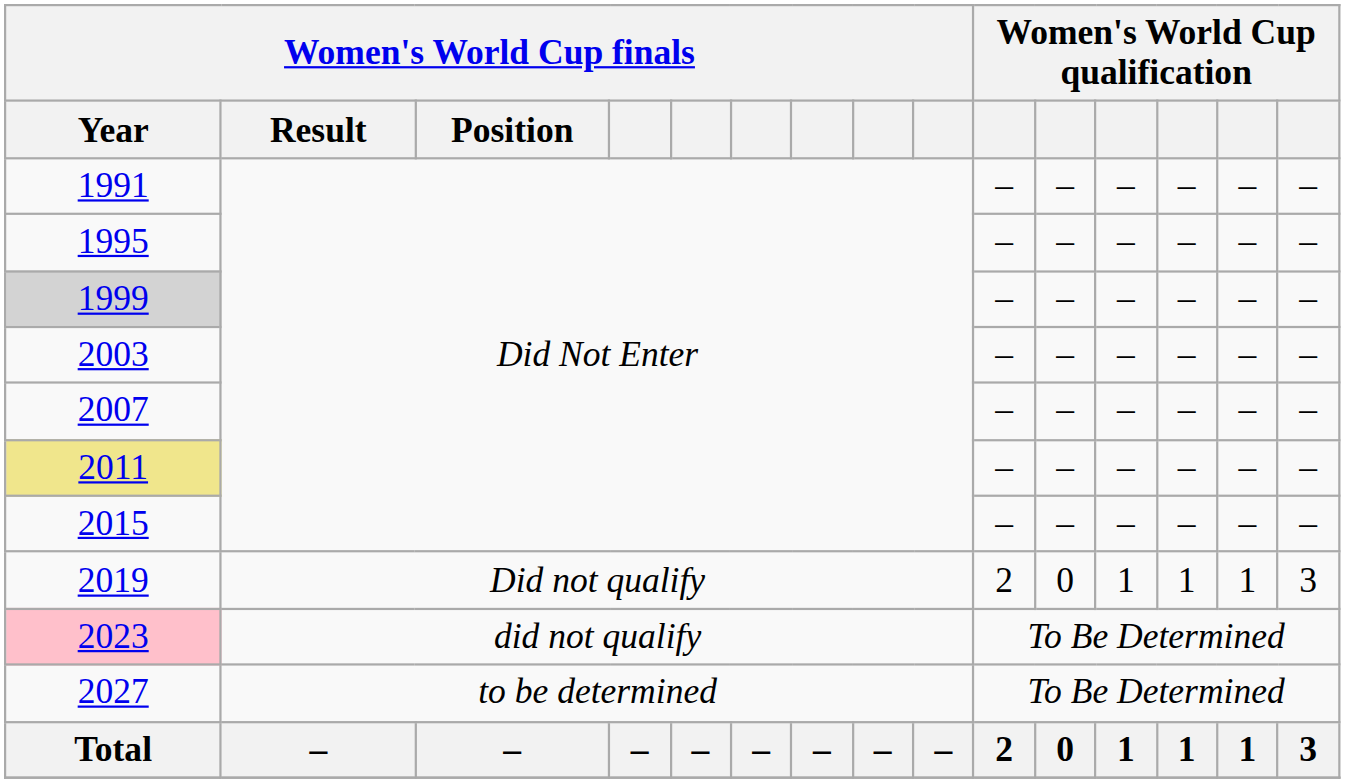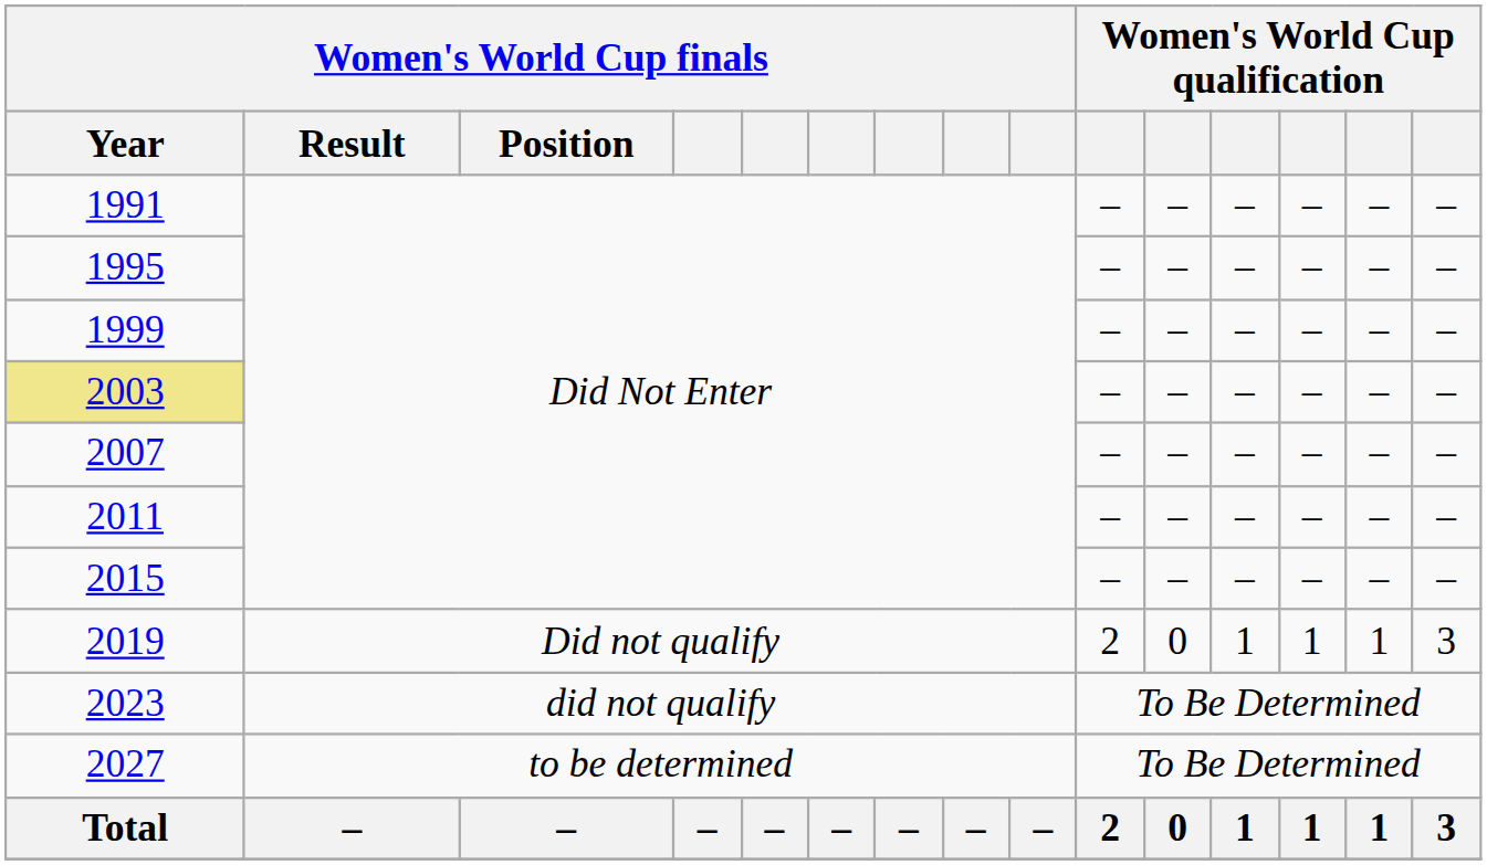 <table class="wikitable" style="text-align:center;">
 <tr>
 <th colspan="9"><a href='#'>Women's World Cup finals</a></th>
 <th colspan="6">Women's World Cup<br>qualification</th>
 </tr>
 <tr>
 <th style="width:90px;">Year</th>
 <th style="width:80px;">Result</th>
 <th style="width:80px;">Position</th>
 <th style="width:20px;"></th>
 <th style="width:20px;"></th>
 <th style="width:20px;"></th>
 <th style="width:20px;"></th>
 <th style="width:20px;"></th>
 <th style="width:20px;"></th>
 <th style="width:20px;"></th>
 <th style="width:20px;"></th>
 <th style="width:20px;"></th>
 <th style="width:20px;"></th>
 <th style="width:20px;"></th>
 <th style="width:20px;"></th>
 </tr>
 <tr>
 <td> <a href='#'>1991</a></td>
 <td rowspan="7" colspan="8"><em>Did Not Enter</em></td>
 <td>–</td>
 <td>–</td>
 <td>–</td>
 <td>–</td>
 <td>–</td>
 <td>–</td>
 </tr>
 <tr>
 <td> <a href='#'>1995</a></td>
 <td>–</td>
 <td>–</td>
 <td>–</td>
 <td>–</td>
 <td>–</td>
 <td>–</td>
 </tr>
 <tr>
-<td style="background: lightgrey;"> <a href='#'>1999</a></td>
+<td> <a href='#'>1999</a></td>
 <td>–</td>
 <td>–</td>
 <td>–</td>
 <td>–</td>
 <td>–</td>
 <td>–</td>
 </tr>
 <tr>
-<td> <a href='#'>2003</a></td>
+<td style="background: khaki;"> <a href='#'>2003</a></td>
 <td>–</td>
 <td>–</td>
 <td>–</td>
 <td>–</td>
 <td>–</td>
 <td>–</td>
 </tr>
 <tr>
 <td> <a href='#'>2007</a></td>
 <td>–</td>
 <td>–</td>
 <td>–</td>
 <td>–</td>
 <td>–</td>
 <td>–</td>
 </tr>
 <tr>
-<td style="background: khaki;"> <a href='#'>2011</a></td>
+<td> <a href='#'>2011</a></td>
 <td>–</td>
 <td>–</td>
 <td>–</td>
 <td>–</td>
 <td>–</td>
 <td>–</td>
 </tr>
 <tr>
 <td> <a href='#'>2015</a></td>
 <td>–</td>
 <td>–</td>
 <td>–</td>
 <td>–</td>
 <td>–</td>
 <td>–</td>
 </tr>
 <tr>
 <td> <a href='#'>2019</a></td>
 <td colspan="8"><em>Did not qualify</em></td>
 <td>2</td>
 <td>0</td>
 <td>1</td>
 <td>1</td>
 <td>1</td>
 <td>3</td>
 </tr>
 <tr>
-<td style="background: pink;"> <a href='#'>2023</a></td>
+<td> <a href='#'>2023</a></td>
 <td colspan="8"><em>did not qualify</em></td>
 <td colspan="8"><em>To Be Determined</em></td>
 </tr>
 <tr>
 <td> <a href='#'>2027</a></td>
 <td colspan="8"><em>to be determined</em></td>
 <td colspan="8"><em>To Be Determined</em></td>
 </tr>
 <tr>
 <th>Total</th>
 <th>–</th>
 <th>–</th>
 <th>–</th>
 <th>–</th>
 <th>–</th>
 <th>–</th>
 <th>–</th>
 <th>–</th>
 <th>2</th>
 <th>0</th>
 <th>1</th>
 <th>1</th>
 <th>1</th>
 <th>3</th>
 </tr>
 <tr>
 </tr>
 </table>
